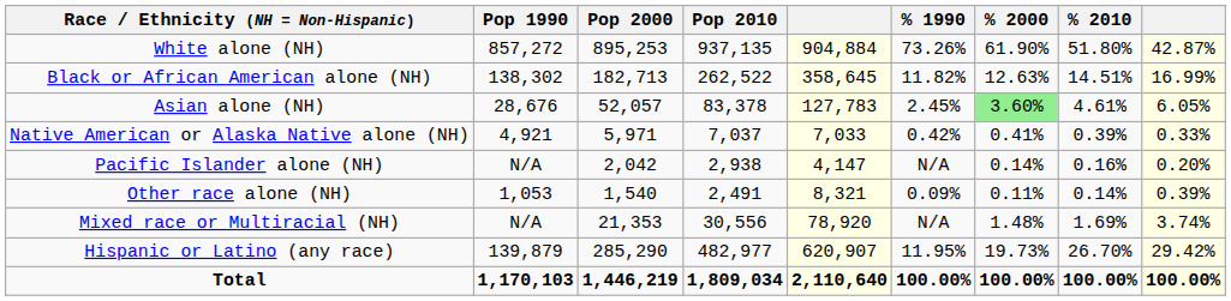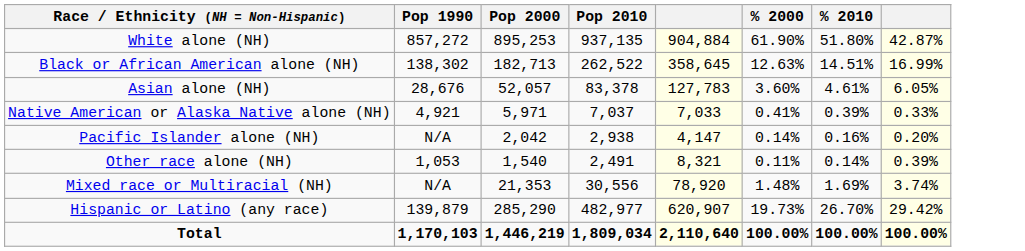 <table class="wikitable" style="text-align:center;">
 <tr>
 <th>Race / Ethnicity <small>(<em>NH = Non-Hispanic</em>)</small></th>
 <th>Pop 1990</th>
 <th>Pop 2000</th>
 <th>Pop 2010</th>
 <th></th>
-<th>% 1990</th>
 <th>% 2000</th>
 <th>% 2010</th>
 <th></th>
 </tr>
 <tr>
 <td><a href='#'>White</a> alone (NH)</td>
 <td>857,272</td>
 <td>895,253</td>
 <td>937,135</td>
 <td style='background: #ffffe6;'>904,884</td>
-<td>73.26%</td>
 <td>61.90%</td>
 <td>51.80%</td>
 <td style='background: #ffffe6;'>42.87%</td>
 </tr>
 <tr>
 <td><a href='#'>Black or African American</a> alone (NH)</td>
 <td>138,302</td>
 <td>182,713</td>
 <td>262,522</td>
 <td style='background: #ffffe6;'>358,645</td>
-<td>11.82%</td>
 <td>12.63%</td>
 <td>14.51%</td>
 <td style='background: #ffffe6;'>16.99%</td>
 </tr>
 <tr>
 <td><a href='#'>Asian</a> alone (NH)</td>
 <td>28,676</td>
 <td>52,057</td>
 <td>83,378</td>
 <td style='background: #ffffe6;'>127,783</td>
-<td>2.45%</td>
-<td style="background: lightgreen;">3.60%</td>
+<td>3.60%</td>
 <td>4.61%</td>
 <td style='background: #ffffe6;'>6.05%</td>
 </tr>
 <tr>
 <td><a href='#'>Native American</a> or <a href='#'>Alaska Native</a> alone (NH)</td>
 <td>4,921</td>
 <td>5,971</td>
 <td>7,037</td>
 <td style='background: #ffffe6;'>7,033</td>
-<td>0.42%</td>
 <td>0.41%</td>
 <td>0.39%</td>
 <td style='background: #ffffe6;'>0.33%</td>
 </tr>
 <tr>
 <td><a href='#'>Pacific Islander</a> alone (NH)</td>
 <td>N/A</td>
 <td>2,042</td>
 <td>2,938</td>
 <td style='background: #ffffe6;'>4,147</td>
-<td>N/A</td>
 <td>0.14%</td>
 <td>0.16%</td>
 <td style='background: #ffffe6;'>0.20%</td>
 </tr>
 <tr>
 <td><a href='#'>Other race</a> alone (NH)</td>
 <td>1,053</td>
 <td>1,540</td>
 <td>2,491</td>
 <td style='background: #ffffe6;'>8,321</td>
-<td>0.09%</td>
 <td>0.11%</td>
 <td>0.14%</td>
 <td style='background: #ffffe6;'>0.39%</td>
 </tr>
 <tr>
 <td><a href='#'>Mixed race or Multiracial</a> (NH)</td>
 <td>N/A</td>
 <td>21,353</td>
 <td>30,556</td>
 <td style='background: #ffffe6;'>78,920</td>
-<td>N/A</td>
 <td>1.48%</td>
 <td>1.69%</td>
 <td style='background: #ffffe6;'>3.74%</td>
 </tr>
 <tr>
 <td><a href='#'>Hispanic or Latino</a> (any race)</td>
 <td>139,879</td>
 <td>285,290</td>
 <td>482,977</td>
 <td style='background: #ffffe6;'>620,907</td>
-<td>11.95%</td>
 <td>19.73%</td>
 <td>26.70%</td>
 <td style='background: #ffffe6;'>29.42%</td>
 </tr>
 <tr>
 <td><strong>Total</strong></td>
 <td><strong>1,170,103</strong></td>
 <td><strong>1,446,219</strong></td>
 <td><strong>1,809,034</strong></td>
 <td style='background: #ffffe6;'><strong>2,110,640</strong></td>
 <td><strong>100.00%</strong></td>
 <td><strong>100.00%</strong></td>
-<td><strong>100.00%</strong></td>
 <td style='background: #ffffe6;'><strong>100.00%</strong></td>
 </tr>
 </table>
